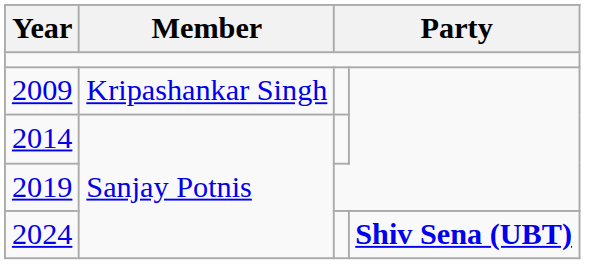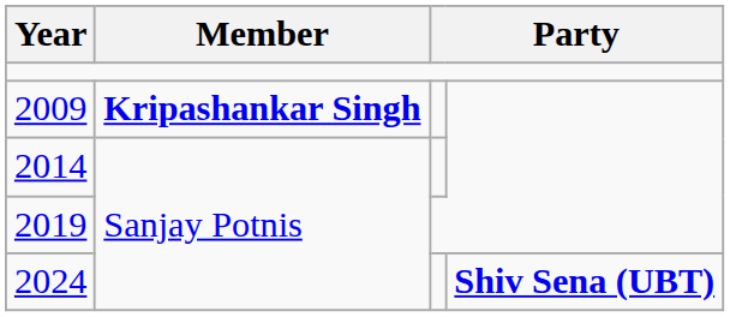 <table class="wikitable">
 <tr>
 <th>Year</th>
 <th>Member</th>
 <th colspan="2">Party</th>
 </tr>
 <tr>
 <td colspan="4"></td>
 </tr>
 <tr>
 <td><a href='#'>2009</a></td>
-<td><a href='#'>Kripashankar Singh</a></td>
+<td><strong><a href='#'>Kripashankar Singh</a></strong></td>
 <td></td>
 </tr>
 <tr>
 <td><a href='#'>2014</a></td>
 <td rowspan="3"><a href='#'>Sanjay Potnis</a></td>
 <td></td>
 </tr>
 <tr>
 <td><a href='#'>2019</a></td>
 </tr>
 <tr>
 <td><a href='#'>2024</a></td>
 <td style="background-color: "></td>
 <td><strong><a href='#'>Shiv Sena (UBT)</a></strong></td>
 </tr>
 </table>
